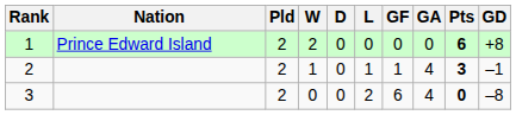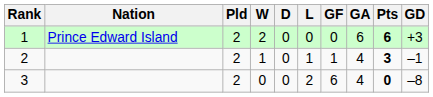 <table class="wikitable" style="text-align: center;">
 <tr>
 <th width=5>Rank</th>
 <th width=200>Nation</th>
 <th width=20>Pld</th>
 <th width=20>W</th>
 <th width=20>D</th>
 <th width=20>L</th>
 <th width=20>GF</th>
 <th width=20>GA</th>
 <th width=20>Pts</th>
 <th width=20>GD</th>
 </tr>
 <tr style="background:#ccffcc">
 <td>1</td>
 <td style="text-align:left"> <a href='#'>Prince Edward Island</a></td>
 <td>2</td>
 <td>2</td>
 <td>0</td>
 <td>0</td>
 <td>0</td>
-<td>0</td>
+<td>6</td>
 <td><strong>6</strong></td>
-<td>+8</td>
+<td>+3</td>
 </tr>
 <tr>
 <td>2</td>
 <td style="text-align:left"></td>
 <td>2</td>
 <td>1</td>
 <td>0</td>
 <td>1</td>
 <td>1</td>
 <td>4</td>
 <td><strong>3</strong></td>
 <td>–1</td>
 </tr>
 <tr>
 <td>3</td>
 <td style="text-align:left"></td>
 <td>2</td>
 <td>0</td>
 <td>0</td>
 <td>2</td>
 <td>6</td>
 <td>4</td>
 <td><strong>0</strong></td>
 <td>–8</td>
 </tr>
 </table>
